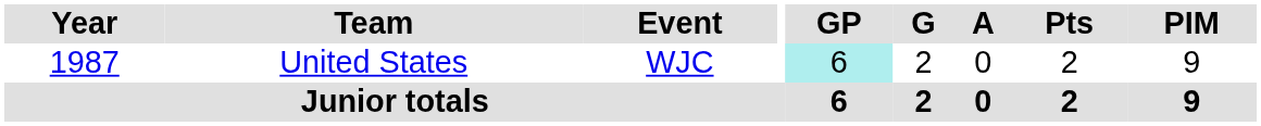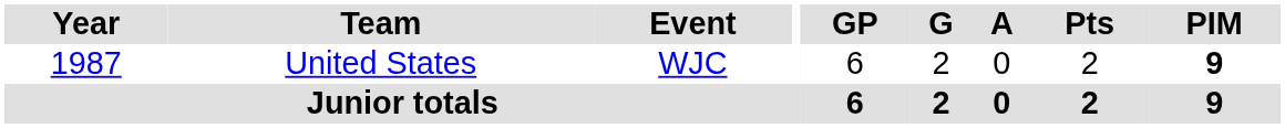 <table border="0" cellpadding="1" cellspacing="0" ID="Table3" style="text-align:center; width:40em">
 <tr bgcolor="#e0e0e0">
 <th>Year</th>
 <th>Team</th>
 <th>Event</th>
 <th rowspan="102" bgcolor="#ffffff"></th>
 <th>GP</th>
 <th>G</th>
 <th>A</th>
 <th>Pts</th>
 <th>PIM</th>
 </tr>
 <tr>
 <td><a href='#'>1987</a></td>
 <td><a href='#'>United States</a></td>
 <td><a href='#'>WJC</a></td>
-<td style="background: paleturquoise;">6</td>
+<td>6</td>
 <td>2</td>
 <td>0</td>
 <td>2</td>
-<td>9</td>
+<td><strong>9</strong></td>
 </tr>
 <tr bgcolor="#e0e0e0">
 <th colspan="4">Junior totals</th>
 <th>6</th>
 <th>2</th>
 <th>0</th>
 <th>2</th>
 <th>9</th>
 </tr>
 </table>
